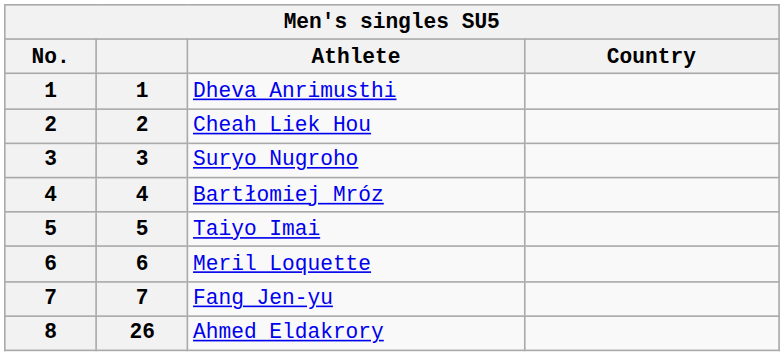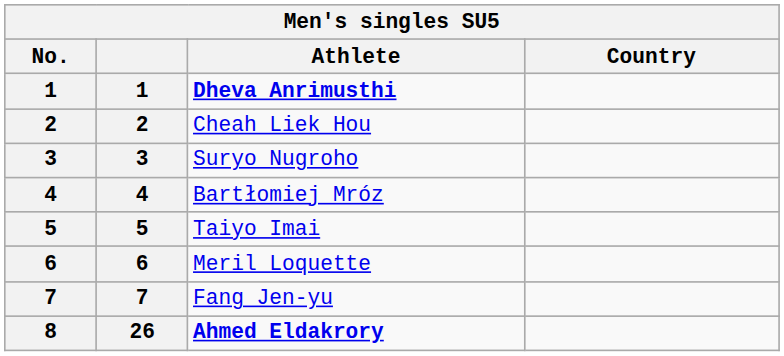 <table class="wikitable">
 <tr>
 <th colspan="4">Men's singles SU5</th>
 </tr>
 <tr>
 <th width="50">No.</th>
 <th width="50"></th>
 <th width="200">Athlete</th>
 <th width="150">Country</th>
 </tr>
 <tr>
 <th>1</th>
 <th>1</th>
-<td><a href='#'>Dheva Anrimusthi</a></td>
+<td><strong><a href='#'>Dheva Anrimusthi</a></strong></td>
 <td></td>
 </tr>
 <tr>
 <th>2</th>
 <th>2</th>
 <td><a href='#'>Cheah Liek Hou</a></td>
 <td></td>
 </tr>
 <tr>
 <th>3</th>
 <th>3</th>
 <td><a href='#'>Suryo Nugroho</a></td>
 <td></td>
 </tr>
 <tr>
 <th>4</th>
 <th>4</th>
 <td><a href='#'>Bartłomiej Mróz</a></td>
 <td></td>
 </tr>
 <tr>
 <th>5</th>
 <th>5</th>
 <td><a href='#'>Taiyo Imai</a></td>
 <td></td>
 </tr>
 <tr>
 <th>6</th>
 <th>6</th>
 <td><a href='#'>Meril Loquette</a></td>
 <td></td>
 </tr>
 <tr>
 <th>7</th>
 <th>7</th>
 <td><a href='#'>Fang Jen-yu</a></td>
 <td></td>
 </tr>
 <tr>
 <th>8</th>
 <th>26</th>
-<td><a href='#'>Ahmed Eldakrory</a></td>
+<td><strong><a href='#'>Ahmed Eldakrory</a></strong></td>
 <td></td>
 </tr>
 </table>
